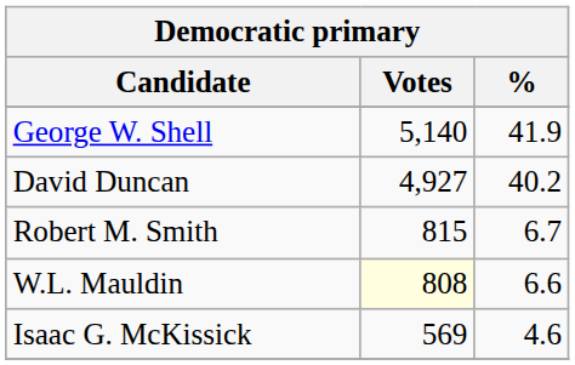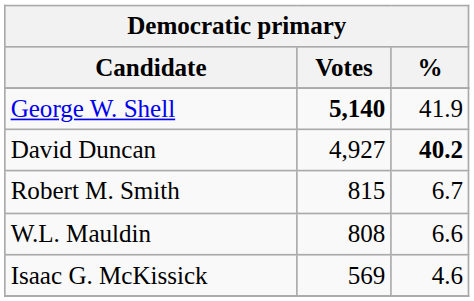 <table class="wikitable" align="left" style="margin: 1em 1em 1em 0; font-size: 95%;">
 <tr>
 <th colspan="3">Democratic primary</th>
 </tr>
 <tr>
 <th colspan="1" style="width: 170px">Candidate</th>
 <th style="width: 50px">Votes</th>
 <th style="width: 40px">%</th>
 </tr>
 <tr>
 </tr>
 <tr>
 <td><a href='#'>George W. Shell</a></td>
-<td align="right">5,140</td>
+<td align="right"><strong>5,140</strong></td>
 <td align="right">41.9</td>
 </tr>
 <tr>
 <td>David Duncan</td>
 <td align="right">4,927</td>
-<td align="right">40.2</td>
+<td align="right"><strong>40.2</strong></td>
 </tr>
 <tr>
 <td>Robert M. Smith</td>
 <td align="right">815</td>
 <td align="right">6.7</td>
 </tr>
 <tr>
 <td>W.L. Mauldin</td>
-<td align="right" style="background: lightyellow;">808</td>
+<td align="right">808</td>
 <td align="right">6.6</td>
 </tr>
 <tr>
 <td>Isaac G. McKissick</td>
 <td align="right">569</td>
 <td align="right">4.6</td>
 </tr>
 <tr>
 </tr>
 </table>
